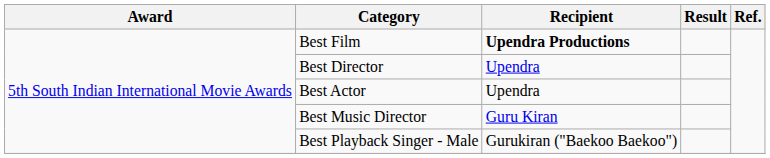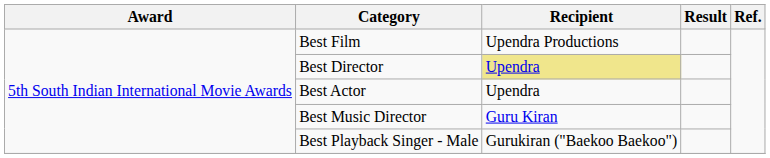 <table class="wikitable sortable">
 <tr>
 <th>Award</th>
 <th>Category</th>
 <th>Recipient</th>
 <th>Result</th>
 <th>Ref.</th>
 </tr>
 <tr>
 <td rowspan=5><a href='#'>5th South Indian International Movie Awards</a></td>
 <td>Best Film</td>
-<td><strong>Upendra Productions</strong></td>
+<td>Upendra Productions</td>
 <td></td>
 <td rowspan=5></td>
 </tr>
 <tr>
 <td>Best Director</td>
-<td><a href='#'>Upendra</a></td>
+<td style="background: khaki;"><a href='#'>Upendra</a></td>
 <td></td>
 </tr>
 <tr>
 <td>Best Actor</td>
 <td>Upendra</td>
 <td></td>
 </tr>
 <tr>
 <td>Best Music Director</td>
 <td><a href='#'>Guru Kiran</a></td>
 <td></td>
 </tr>
 <tr>
 <td>Best Playback Singer - Male</td>
 <td>Gurukiran ("Baekoo Baekoo")</td>
 <td></td>
 </tr>
 <tr>
 </tr>
 </table>
